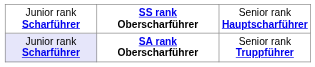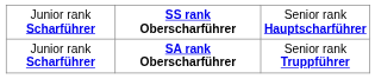 <table class="toccolours" border="1" cellpadding="4" cellspacing="0" style="border-collapse: collapse; margin: 0.5em auto; clear: both;">
 <tr align="center">
 <td width="30%">Junior rank<br><strong><a href='#'>Scharführer</a></strong></td>
 <th width="40%"><a href='#'>SS rank</a><br>Oberscharführer</th>
 <td width="30%">Senior rank<br><strong><a href='#'>Hauptscharführer</a></strong></td>
 </tr>
 <tr align="center">
-<td width="30%" style="background: lavender;">Junior rank<br><strong><a href='#'>Scharführer</a></strong></td>
+<td width="30%">Junior rank<br><strong><a href='#'>Scharführer</a></strong></td>
 <th width="40%"><a href='#'>SA rank</a><br>Oberscharführer</th>
 <td width="30%">Senior rank<br><strong><a href='#'>Truppführer</a></strong></td>
 </tr>
 </table>
